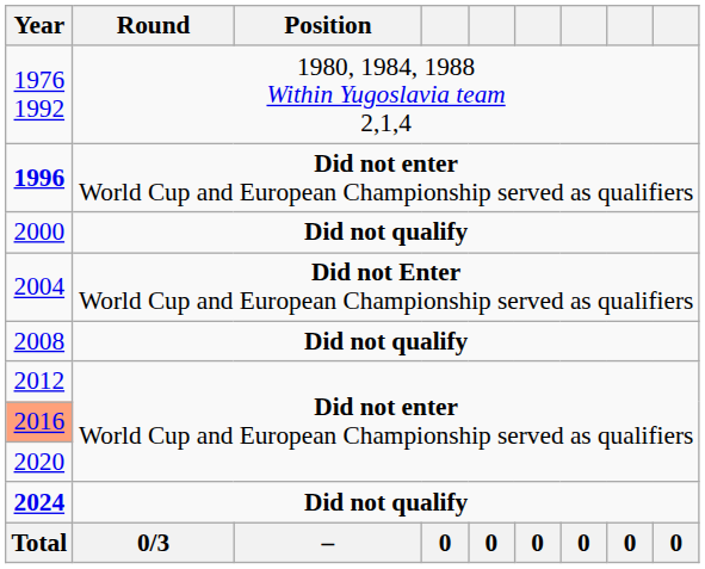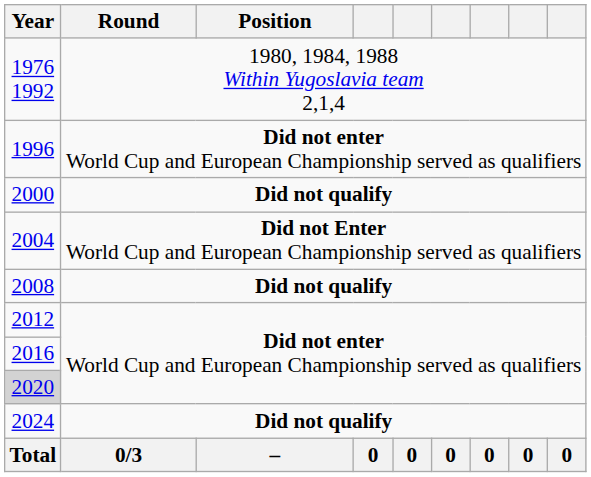 <table class="wikitable" style="text-align: center;">
 <tr>
 <th>Year</th>
 <th>Round</th>
 <th>Position</th>
 <th></th>
 <th></th>
 <th></th>
 <th></th>
 <th></th>
 <th></th>
 </tr>
 <tr>
 <td><a href='#'>1976</a><br> <a href='#'>1992</a></td>
 <td colspan="8">1980, 1984, 1988<br> <em><a href='#'>Within Yugoslavia team</a></em><br>2,1,4</td>
 </tr>
 <tr>
-<td><strong> <a href='#'>1996</a></strong></td>
+<td> <a href='#'>1996</a></td>
 <td colspan="8"><strong> Did not enter</strong> <br> World Cup and European Championship served as qualifiers</td>
 </tr>
 <tr>
 <td> <a href='#'>2000</a></td>
 <td colspan="8"><strong>Did not qualify</strong></td>
 </tr>
 <tr>
 <td> <a href='#'>2004</a></td>
 <td colspan="8"><strong>Did not Enter </strong><br> World Cup and European Championship served as qualifiers</td>
 </tr>
 <tr>
 <td> <a href='#'>2008</a></td>
 <td colspan="8"><strong>Did not qualify</strong></td>
 </tr>
 <tr>
 <td> <a href='#'>2012</a></td>
 <td colspan="8" rowspan="3"><strong>Did not enter</strong> <br> World Cup and European Championship served as qualifiers</td>
 </tr>
 <tr>
-<td style="background: lightsalmon;"> <a href='#'>2016</a></td>
+<td> <a href='#'>2016</a></td>
 </tr>
 <tr>
-<td> <a href='#'>2020</a></td>
+<td style="background: lightgrey;"> <a href='#'>2020</a></td>
 </tr>
 <tr>
-<td><strong> <a href='#'>2024</a></strong></td>
+<td> <a href='#'>2024</a></td>
 <td colspan="8"><strong>Did not qualify</strong></td>
 </tr>
 <tr>
 <th>Total</th>
 <th>0/3</th>
 <th>–</th>
 <th>0</th>
 <th>0</th>
 <th>0</th>
 <th>0</th>
 <th>0</th>
 <th>0</th>
 </tr>
 </table>
